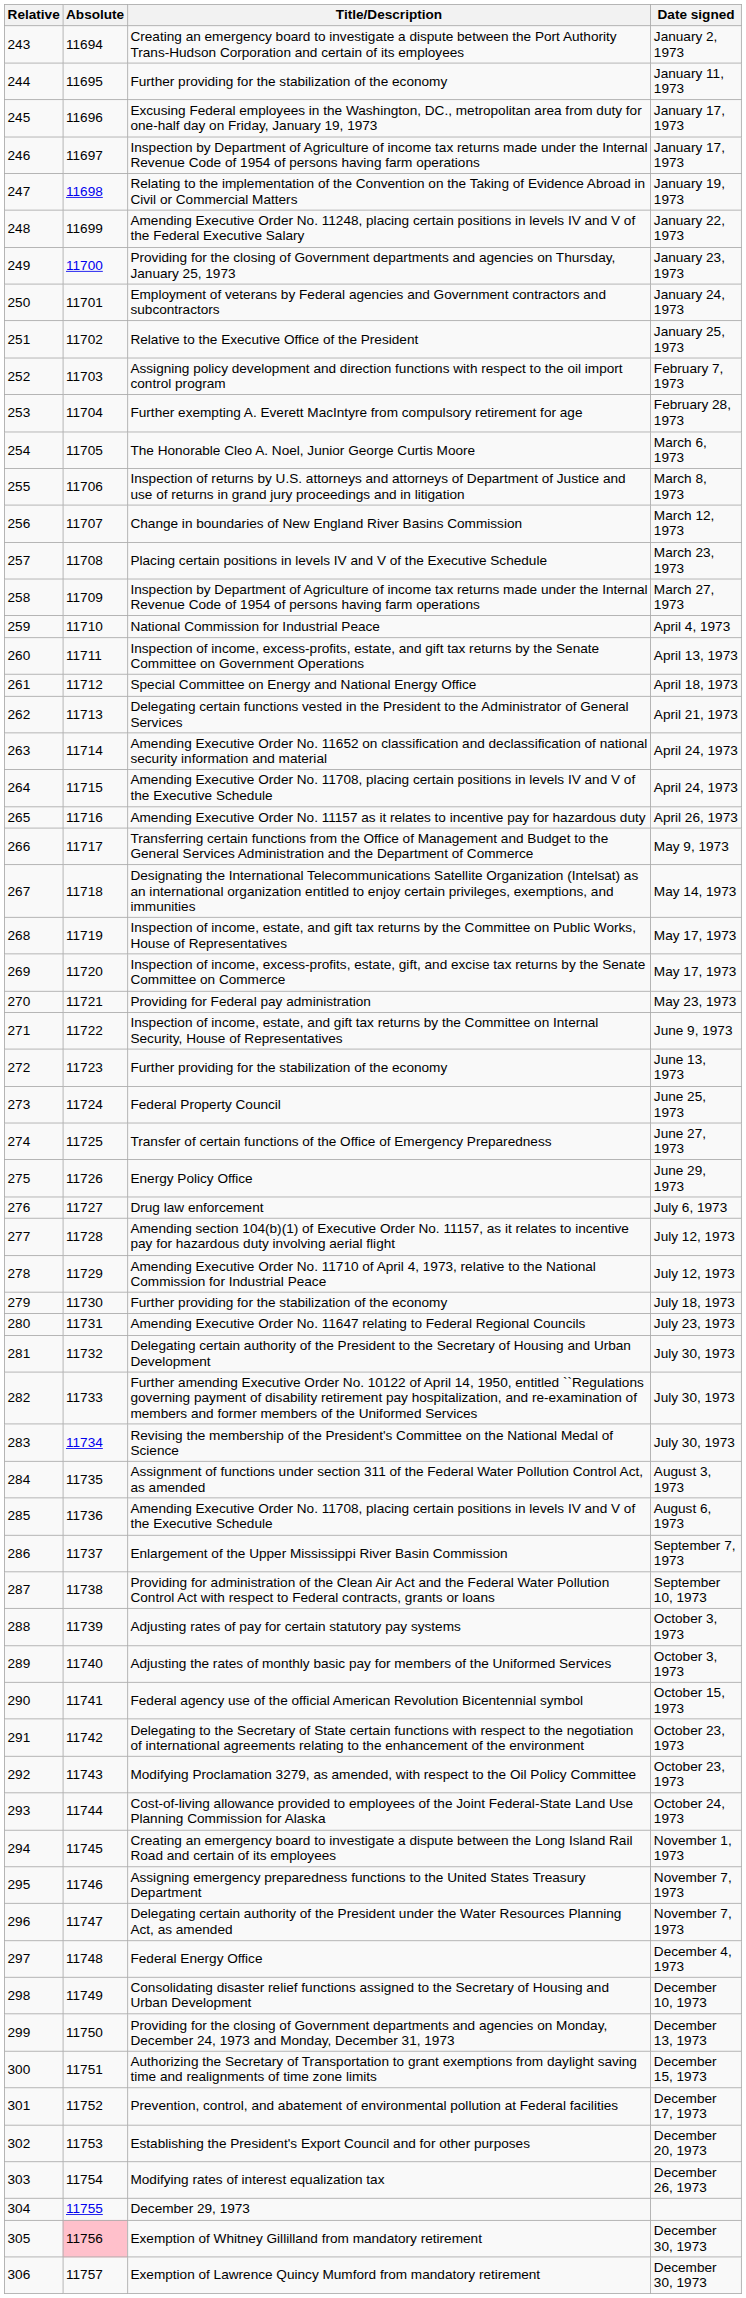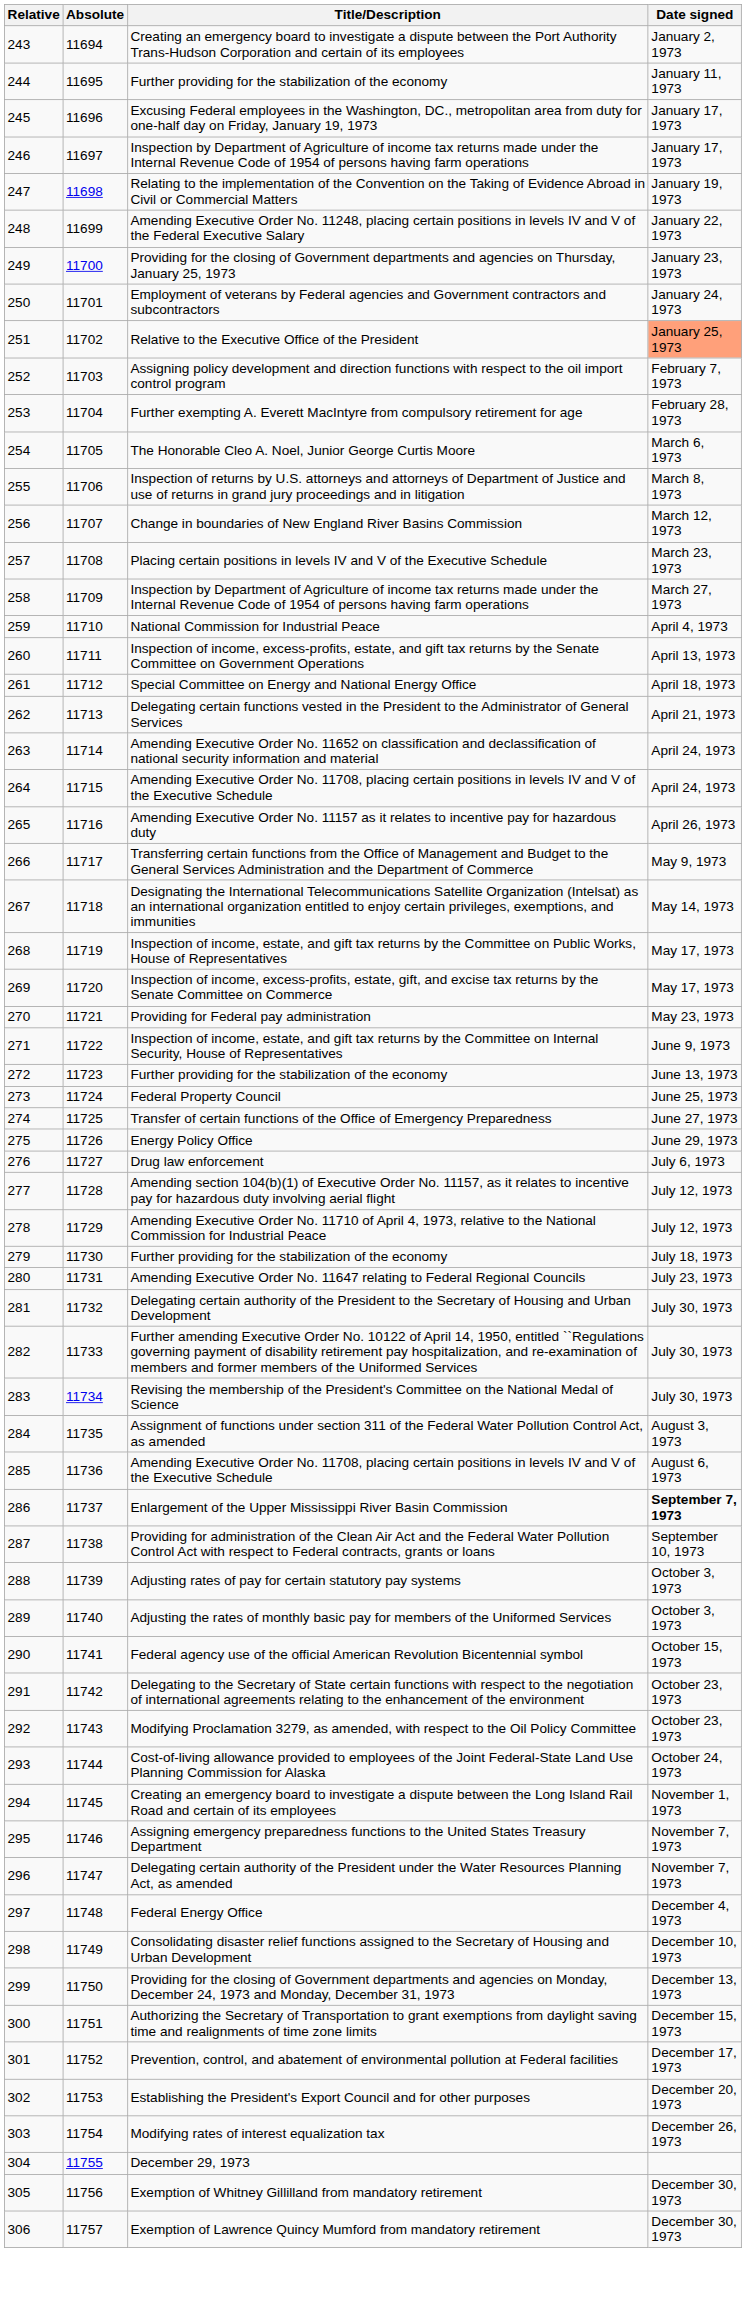 <table class="wikitable">
 <tr>
 <th>Relative </th>
 <th>Absolute </th>
 <th>Title/Description</th>
 <th>Date signed</th>
 </tr>
 <tr>
 <td>243</td>
 <td>11694</td>
 <td>Creating an emergency board to investigate a dispute between the Port Authority Trans-Hudson Corporation and certain of its employees</td>
 <td>January 2, 1973</td>
 </tr>
 <tr>
 <td>244</td>
 <td>11695</td>
 <td>Further providing for the stabilization of the economy</td>
 <td>January 11, 1973</td>
 </tr>
 <tr>
 <td>245</td>
 <td>11696</td>
 <td>Excusing Federal employees in the Washington, DC., metropolitan area from duty for one-half day on Friday, January 19, 1973</td>
 <td>January 17, 1973</td>
 </tr>
 <tr>
 <td>246</td>
 <td>11697</td>
 <td>Inspection by Department of Agriculture of income tax returns made under the Internal Revenue Code of 1954 of persons having farm operations</td>
 <td>January 17, 1973</td>
 </tr>
 <tr>
 <td>247</td>
 <td><a href='#'>11698</a></td>
 <td>Relating to the implementation of the Convention on the Taking of Evidence Abroad in Civil or Commercial Matters</td>
 <td>January 19, 1973</td>
 </tr>
 <tr>
 <td>248</td>
 <td>11699</td>
 <td>Amending Executive Order No. 11248, placing certain positions in levels IV and V of the Federal Executive Salary</td>
 <td>January 22, 1973</td>
 </tr>
 <tr>
 <td>249</td>
 <td><a href='#'>11700</a></td>
 <td>Providing for the closing of Government departments and agencies on Thursday, January 25, 1973</td>
 <td>January 23, 1973</td>
 </tr>
 <tr>
 <td>250</td>
 <td>11701</td>
 <td>Employment of veterans by Federal agencies and Government contractors and subcontractors</td>
 <td>January 24, 1973</td>
 </tr>
 <tr>
 <td>251</td>
 <td>11702</td>
 <td>Relative to the Executive Office of the President</td>
-<td>January 25, 1973</td>
+<td style="background: lightsalmon;">January 25, 1973</td>
 </tr>
 <tr>
 <td>252</td>
 <td>11703</td>
 <td>Assigning policy development and direction functions with respect to the oil import control program</td>
 <td>February 7, 1973</td>
 </tr>
 <tr>
 <td>253</td>
 <td>11704</td>
 <td>Further exempting A. Everett MacIntyre from compulsory retirement for age</td>
 <td>February 28, 1973</td>
 </tr>
 <tr>
 <td>254</td>
 <td>11705</td>
 <td>The Honorable Cleo A. Noel, Junior George Curtis Moore</td>
 <td>March 6, 1973</td>
 </tr>
 <tr>
 <td>255</td>
 <td>11706</td>
 <td>Inspection of returns by U.S. attorneys and attorneys of Department of Justice and use of returns in grand jury proceedings and in litigation</td>
 <td>March 8, 1973</td>
 </tr>
 <tr>
 <td>256</td>
 <td>11707</td>
 <td>Change in boundaries of New England River Basins Commission</td>
 <td>March 12, 1973</td>
 </tr>
 <tr>
 <td>257</td>
 <td>11708</td>
 <td>Placing certain positions in levels IV and V of the Executive Schedule</td>
 <td>March 23, 1973</td>
 </tr>
 <tr>
 <td>258</td>
 <td>11709</td>
 <td>Inspection by Department of Agriculture of income tax returns made under the Internal Revenue Code of 1954 of persons having farm operations</td>
 <td>March 27, 1973</td>
 </tr>
 <tr>
 <td>259</td>
 <td>11710</td>
 <td>National Commission for Industrial Peace</td>
 <td>April 4, 1973</td>
 </tr>
 <tr>
 <td>260</td>
 <td>11711</td>
 <td>Inspection of income, excess-profits, estate, and gift tax returns by the Senate Committee on Government Operations</td>
 <td>April 13, 1973</td>
 </tr>
 <tr>
 <td>261</td>
 <td>11712</td>
 <td>Special Committee on Energy and National Energy Office</td>
 <td>April 18, 1973</td>
 </tr>
 <tr>
 <td>262</td>
 <td>11713</td>
 <td>Delegating certain functions vested in the President to the Administrator of General Services</td>
 <td>April 21, 1973</td>
 </tr>
 <tr>
 <td>263</td>
 <td>11714</td>
 <td>Amending Executive Order No. 11652 on classification and declassification of national security information and material</td>
 <td>April 24, 1973</td>
 </tr>
 <tr>
 <td>264</td>
 <td>11715</td>
 <td>Amending Executive Order No. 11708, placing certain positions in levels IV and V of the Executive Schedule</td>
 <td>April 24, 1973</td>
 </tr>
 <tr>
 <td>265</td>
 <td>11716</td>
 <td>Amending Executive Order No. 11157 as it relates to incentive pay for hazardous duty</td>
 <td>April 26, 1973</td>
 </tr>
 <tr>
 <td>266</td>
 <td>11717</td>
 <td>Transferring certain functions from the Office of Management and Budget to the General Services Administration and the Department of Commerce</td>
 <td>May 9, 1973</td>
 </tr>
 <tr>
 <td>267</td>
 <td>11718</td>
 <td>Designating the International Telecommunications Satellite Organization (Intelsat) as an international organization entitled to enjoy certain privileges, exemptions, and immunities</td>
 <td>May 14, 1973</td>
 </tr>
 <tr>
 <td>268</td>
 <td>11719</td>
 <td>Inspection of income, estate, and gift tax returns by the Committee on Public Works, House of Representatives</td>
 <td>May 17, 1973</td>
 </tr>
 <tr>
 <td>269</td>
 <td>11720</td>
 <td>Inspection of income, excess-profits, estate, gift, and excise tax returns by the Senate Committee on Commerce</td>
 <td>May 17, 1973</td>
 </tr>
 <tr>
 <td>270</td>
 <td>11721</td>
 <td>Providing for Federal pay administration</td>
 <td>May 23, 1973</td>
 </tr>
 <tr>
 <td>271</td>
 <td>11722</td>
 <td>Inspection of income, estate, and gift tax returns by the Committee on Internal Security, House of Representatives</td>
 <td>June 9, 1973</td>
 </tr>
 <tr>
 <td>272</td>
 <td>11723</td>
 <td>Further providing for the stabilization of the economy</td>
 <td>June 13, 1973</td>
 </tr>
 <tr>
 <td>273</td>
 <td>11724</td>
 <td>Federal Property Council</td>
 <td>June 25, 1973</td>
 </tr>
 <tr>
 <td>274</td>
 <td>11725</td>
 <td>Transfer of certain functions of the Office of Emergency Preparedness</td>
 <td>June 27, 1973</td>
 </tr>
 <tr>
 <td>275</td>
 <td>11726</td>
 <td>Energy Policy Office</td>
 <td>June 29, 1973</td>
 </tr>
 <tr>
 <td>276</td>
 <td>11727</td>
 <td>Drug law enforcement</td>
 <td>July 6, 1973</td>
 </tr>
 <tr>
 <td>277</td>
 <td>11728</td>
 <td>Amending section 104(b)(1) of Executive Order No. 11157, as it relates to incentive pay for hazardous duty involving aerial flight</td>
 <td>July 12, 1973</td>
 </tr>
 <tr>
 <td>278</td>
 <td>11729</td>
 <td>Amending Executive Order No. 11710 of April 4, 1973, relative to the National Commission for Industrial Peace</td>
 <td>July 12, 1973</td>
 </tr>
 <tr>
 <td>279</td>
 <td>11730</td>
 <td>Further providing for the stabilization of the economy</td>
 <td>July 18, 1973</td>
 </tr>
 <tr>
 <td>280</td>
 <td>11731</td>
 <td>Amending Executive Order No. 11647 relating to Federal Regional Councils</td>
 <td>July 23, 1973</td>
 </tr>
 <tr>
 <td>281</td>
 <td>11732</td>
 <td>Delegating certain authority of the President to the Secretary of Housing and Urban Development</td>
 <td>July 30, 1973</td>
 </tr>
 <tr>
 <td>282</td>
 <td>11733</td>
 <td>Further amending Executive Order No. 10122 of April 14, 1950, entitled ``Regulations governing payment of disability retirement pay hospitalization, and re-examination of members and former members of the Uniformed Services</td>
 <td>July 30, 1973</td>
 </tr>
 <tr>
 <td>283</td>
 <td><a href='#'>11734</a></td>
 <td>Revising the membership of the President's Committee on the National Medal of Science</td>
 <td>July 30, 1973</td>
 </tr>
 <tr>
 <td>284</td>
 <td>11735</td>
 <td>Assignment of functions under section 311 of the Federal Water Pollution Control Act, as amended</td>
 <td>August 3, 1973</td>
 </tr>
 <tr>
 <td>285</td>
 <td>11736</td>
 <td>Amending Executive Order No. 11708, placing certain positions in levels IV and V of the Executive Schedule</td>
 <td>August 6, 1973</td>
 </tr>
 <tr>
 <td>286</td>
 <td>11737</td>
 <td>Enlargement of the Upper Mississippi River Basin Commission</td>
-<td>September 7, 1973</td>
+<td><strong>September 7, 1973</strong></td>
 </tr>
 <tr>
 <td>287</td>
 <td>11738</td>
 <td>Providing for administration of the Clean Air Act and the Federal Water Pollution Control Act with respect to Federal contracts, grants or loans</td>
 <td>September 10, 1973</td>
 </tr>
 <tr>
 <td>288</td>
 <td>11739</td>
 <td>Adjusting rates of pay for certain statutory pay systems</td>
 <td>October 3, 1973</td>
 </tr>
 <tr>
 <td>289</td>
 <td>11740</td>
 <td>Adjusting the rates of monthly basic pay for members of the Uniformed Services</td>
 <td>October 3, 1973</td>
 </tr>
 <tr>
 <td>290</td>
 <td>11741</td>
 <td>Federal agency use of the official American Revolution Bicentennial symbol</td>
 <td>October 15, 1973</td>
 </tr>
 <tr>
 <td>291</td>
 <td>11742</td>
 <td>Delegating to the Secretary of State certain functions with respect to the negotiation of international agreements relating to the enhancement of the environment</td>
 <td>October 23, 1973</td>
 </tr>
 <tr>
 <td>292</td>
 <td>11743</td>
 <td>Modifying Proclamation 3279, as amended, with respect to the Oil Policy Committee</td>
 <td>October 23, 1973</td>
 </tr>
 <tr>
 <td>293</td>
 <td>11744</td>
 <td>Cost-of-living allowance provided to employees of the Joint Federal-State Land Use Planning Commission for Alaska</td>
 <td>October 24, 1973</td>
 </tr>
 <tr>
 <td>294</td>
 <td>11745</td>
 <td>Creating an emergency board to investigate a dispute between the Long Island Rail Road and certain of its employees</td>
 <td>November 1, 1973</td>
 </tr>
 <tr>
 <td>295</td>
 <td>11746</td>
 <td>Assigning emergency preparedness functions to the United States Treasury Department</td>
 <td>November 7, 1973</td>
 </tr>
 <tr>
 <td>296</td>
 <td>11747</td>
 <td>Delegating certain authority of the President under the Water Resources Planning Act, as amended</td>
 <td>November 7, 1973</td>
 </tr>
 <tr>
 <td>297</td>
 <td>11748</td>
 <td>Federal Energy Office</td>
 <td>December 4, 1973</td>
 </tr>
 <tr>
 <td>298</td>
 <td>11749</td>
 <td>Consolidating disaster relief functions assigned to the Secretary of Housing and Urban Development</td>
 <td>December 10, 1973</td>
 </tr>
 <tr>
 <td>299</td>
 <td>11750</td>
 <td>Providing for the closing of Government departments and agencies on Monday, December 24, 1973 and Monday, December 31, 1973</td>
 <td>December 13, 1973</td>
 </tr>
 <tr>
 <td>300</td>
 <td>11751</td>
 <td>Authorizing the Secretary of Transportation to grant exemptions from daylight saving time and realignments of time zone limits</td>
 <td>December 15, 1973</td>
 </tr>
 <tr>
 <td>301</td>
 <td>11752</td>
 <td>Prevention, control, and abatement of environmental pollution at Federal facilities</td>
 <td>December 17, 1973</td>
 </tr>
 <tr>
 <td>302</td>
 <td>11753</td>
 <td>Establishing the President's Export Council and for other purposes</td>
 <td>December 20, 1973</td>
 </tr>
 <tr>
 <td>303</td>
 <td>11754</td>
 <td>Modifying rates of interest equalization tax</td>
 <td>December 26, 1973</td>
 </tr>
 <tr>
 <td>304</td>
 <td><a href='#'>11755</a></td>
 <td>December 29, 1973</td>
 </tr>
 <tr>
 <td>305</td>
-<td style="background: pink;">11756</td>
+<td>11756</td>
 <td>Exemption of Whitney Gillilland from mandatory retirement</td>
 <td>December 30, 1973</td>
 </tr>
 <tr>
 <td>306</td>
 <td>11757</td>
 <td>Exemption of Lawrence Quincy Mumford from mandatory retirement</td>
 <td>December 30, 1973</td>
 </tr>
 </table>
